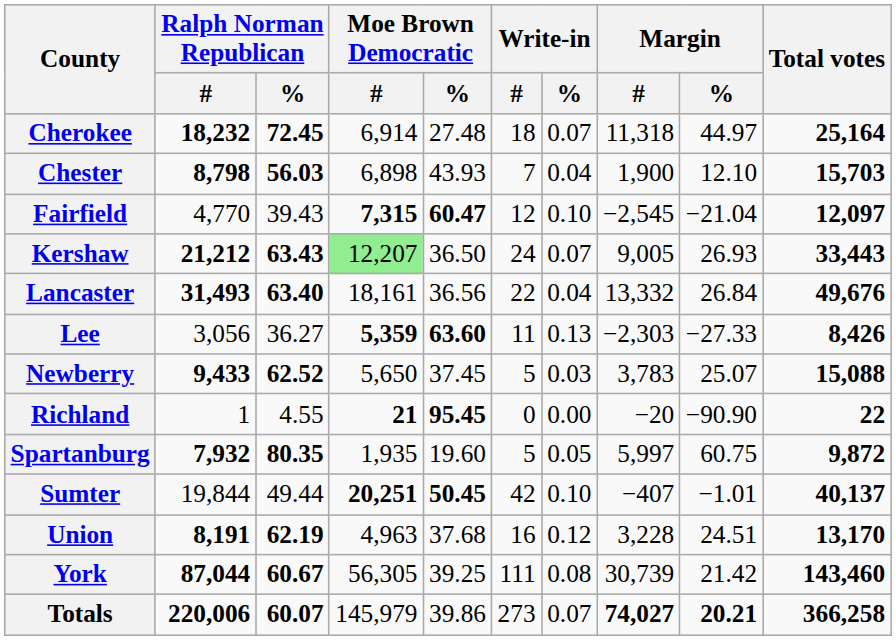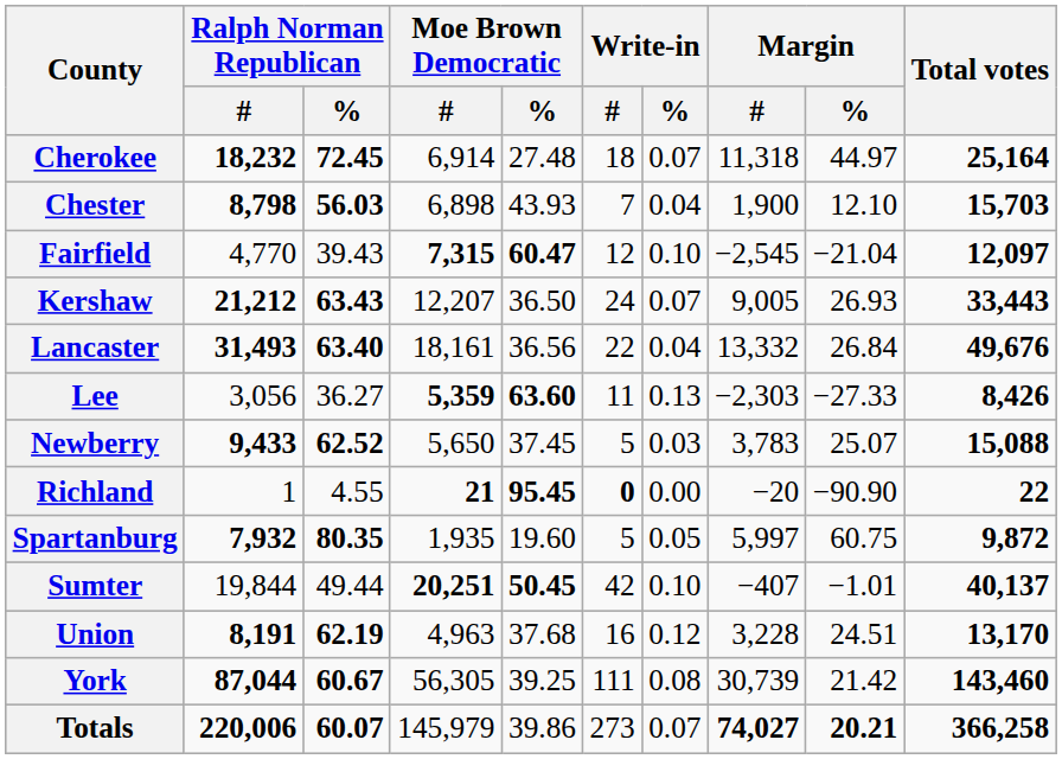 <table class="wikitable sortable"  style="text-align:right">
 <tr>
 <th rowspan="2">County</th>
 <th colspan="2"><a href='#'>Ralph Norman</a><br><a href='#'>Republican</a></th>
 <th colspan="2">Moe Brown<br><a href='#'>Democratic</a></th>
 <th colspan="2">Write-in</th>
 <th colspan="2">Margin</th>
 <th rowspan="2">Total votes</th>
 </tr>
 <tr>
 <th data-sort-type="number" style="text-align:center;">#</th>
 <th data-sort-type="number" style="text-align:center;">%</th>
 <th data-sort-type="number" style="text-align:center;">#</th>
 <th data-sort-type="number" style="text-align:center;">%</th>
 <th data-sort-type="number" style="text-align:center;">#</th>
 <th data-sort-type="number" style="text-align:center;">%</th>
 <th data-sort-type="number" style="text-align:center;">#</th>
 <th data-sort-type="number" style="text-align:center;">%</th>
 </tr>
 <tr>
 <th><a href='#'>Cherokee</a></th>
 <td><strong>18,232</strong></td>
 <td><strong>72.45</strong></td>
 <td>6,914</td>
 <td>27.48</td>
 <td>18</td>
 <td>0.07</td>
 <td>11,318</td>
 <td>44.97</td>
 <td><strong>25,164</strong></td>
 </tr>
 <tr>
 <th><a href='#'>Chester</a></th>
 <td><strong>8,798</strong></td>
 <td><strong>56.03</strong></td>
 <td>6,898</td>
 <td>43.93</td>
 <td>7</td>
 <td>0.04</td>
 <td>1,900</td>
 <td>12.10</td>
 <td><strong>15,703</strong></td>
 </tr>
 <tr>
 <th><a href='#'>Fairfield</a></th>
 <td>4,770</td>
 <td>39.43</td>
 <td><strong>7,315</strong></td>
 <td><strong>60.47</strong></td>
 <td>12</td>
 <td>0.10</td>
 <td>−2,545</td>
 <td>−21.04</td>
 <td><strong>12,097</strong></td>
 </tr>
 <tr>
 <th><a href='#'>Kershaw</a></th>
 <td><strong>21,212</strong></td>
 <td><strong>63.43</strong></td>
-<td style="background: lightgreen;">12,207</td>
+<td>12,207</td>
 <td>36.50</td>
 <td>24</td>
 <td>0.07</td>
 <td>9,005</td>
 <td>26.93</td>
 <td><strong>33,443</strong></td>
 </tr>
 <tr>
 <th><a href='#'>Lancaster</a></th>
 <td><strong>31,493</strong></td>
 <td><strong>63.40</strong></td>
 <td>18,161</td>
 <td>36.56</td>
 <td>22</td>
 <td>0.04</td>
 <td>13,332</td>
 <td>26.84</td>
 <td><strong>49,676</strong></td>
 </tr>
 <tr>
 <th><a href='#'>Lee</a></th>
 <td>3,056</td>
 <td>36.27</td>
 <td><strong>5,359</strong></td>
 <td><strong>63.60</strong></td>
 <td>11</td>
 <td>0.13</td>
 <td>−2,303</td>
 <td>−27.33</td>
 <td><strong>8,426</strong></td>
 </tr>
 <tr>
 <th><a href='#'>Newberry</a> </th>
 <td><strong>9,433</strong></td>
 <td><strong>62.52</strong></td>
 <td>5,650</td>
 <td>37.45</td>
 <td>5</td>
 <td>0.03</td>
 <td>3,783</td>
 <td>25.07</td>
 <td><strong>15,088</strong></td>
 </tr>
 <tr>
 <th><a href='#'>Richland</a> </th>
 <td>1</td>
 <td>4.55</td>
 <td><strong>21</strong></td>
 <td><strong>95.45</strong></td>
-<td>0</td>
+<td><strong>0</strong></td>
 <td>0.00</td>
 <td>−20</td>
 <td>−90.90</td>
 <td><strong>22</strong></td>
 </tr>
 <tr>
 <th><a href='#'>Spartanburg</a> </th>
 <td><strong>7,932</strong></td>
 <td><strong>80.35</strong></td>
 <td>1,935</td>
 <td>19.60</td>
 <td>5</td>
 <td>0.05</td>
 <td>5,997</td>
 <td>60.75</td>
 <td><strong>9,872</strong></td>
 </tr>
 <tr>
 <th><a href='#'>Sumter</a> </th>
 <td>19,844</td>
 <td>49.44</td>
 <td><strong>20,251</strong></td>
 <td><strong>50.45</strong></td>
 <td>42</td>
 <td>0.10</td>
 <td>−407</td>
 <td>−1.01</td>
 <td><strong>40,137</strong></td>
 </tr>
 <tr>
 <th><a href='#'>Union</a></th>
 <td><strong>8,191</strong></td>
 <td><strong>62.19</strong></td>
 <td>4,963</td>
 <td>37.68</td>
 <td>16</td>
 <td>0.12</td>
 <td>3,228</td>
 <td>24.51</td>
 <td><strong>13,170</strong></td>
 </tr>
 <tr>
 <th><a href='#'>York</a></th>
 <td><strong>87,044</strong></td>
 <td><strong>60.67</strong></td>
 <td>56,305</td>
 <td>39.25</td>
 <td>111</td>
 <td>0.08</td>
 <td>30,739</td>
 <td>21.42</td>
 <td><strong>143,460</strong></td>
 </tr>
 <tr>
 <th data-sort-value="ZZZ">Totals</th>
 <td><strong>220,006</strong></td>
 <td><strong>60.07</strong></td>
 <td>145,979</td>
 <td>39.86</td>
 <td>273</td>
 <td>0.07</td>
 <td><strong>74,027</strong></td>
 <td><strong>20.21</strong></td>
 <td><strong>366,258</strong></td>
 </tr>
 </table>
